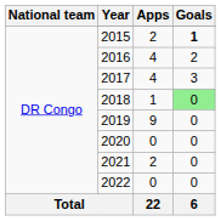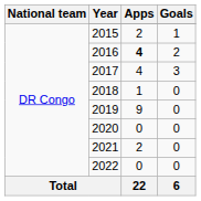 <table class="wikitable" style="text-align: center;">
 <tr>
 <th>National team</th>
 <th>Year</th>
 <th>Apps</th>
 <th>Goals</th>
 </tr>
 <tr>
 <td rowspan="9"><a href='#'>DR Congo</a></td>
 </tr>
 <tr>
 <td>2015</td>
 <td>2</td>
-<td><strong>1</strong></td>
+<td>1</td>
 </tr>
 <tr>
 <td>2016</td>
-<td>4</td>
+<td><strong>4</strong></td>
 <td>2</td>
 </tr>
 <tr>
 <td>2017</td>
 <td>4</td>
 <td>3</td>
 </tr>
 <tr>
 <td>2018</td>
 <td>1</td>
-<td style="background: lightgreen;">0</td>
+<td>0</td>
 </tr>
 <tr>
 <td>2019</td>
 <td>9</td>
 <td>0</td>
 </tr>
 <tr>
 <td>2020</td>
 <td>0</td>
 <td>0</td>
 </tr>
 <tr>
 <td>2021</td>
 <td>2</td>
 <td>0</td>
 </tr>
 <tr>
 <td>2022</td>
 <td>0</td>
 <td>0</td>
 </tr>
 <tr>
 <th colspan=2>Total</th>
 <th>22</th>
 <th>6</th>
 </tr>
 </table>
